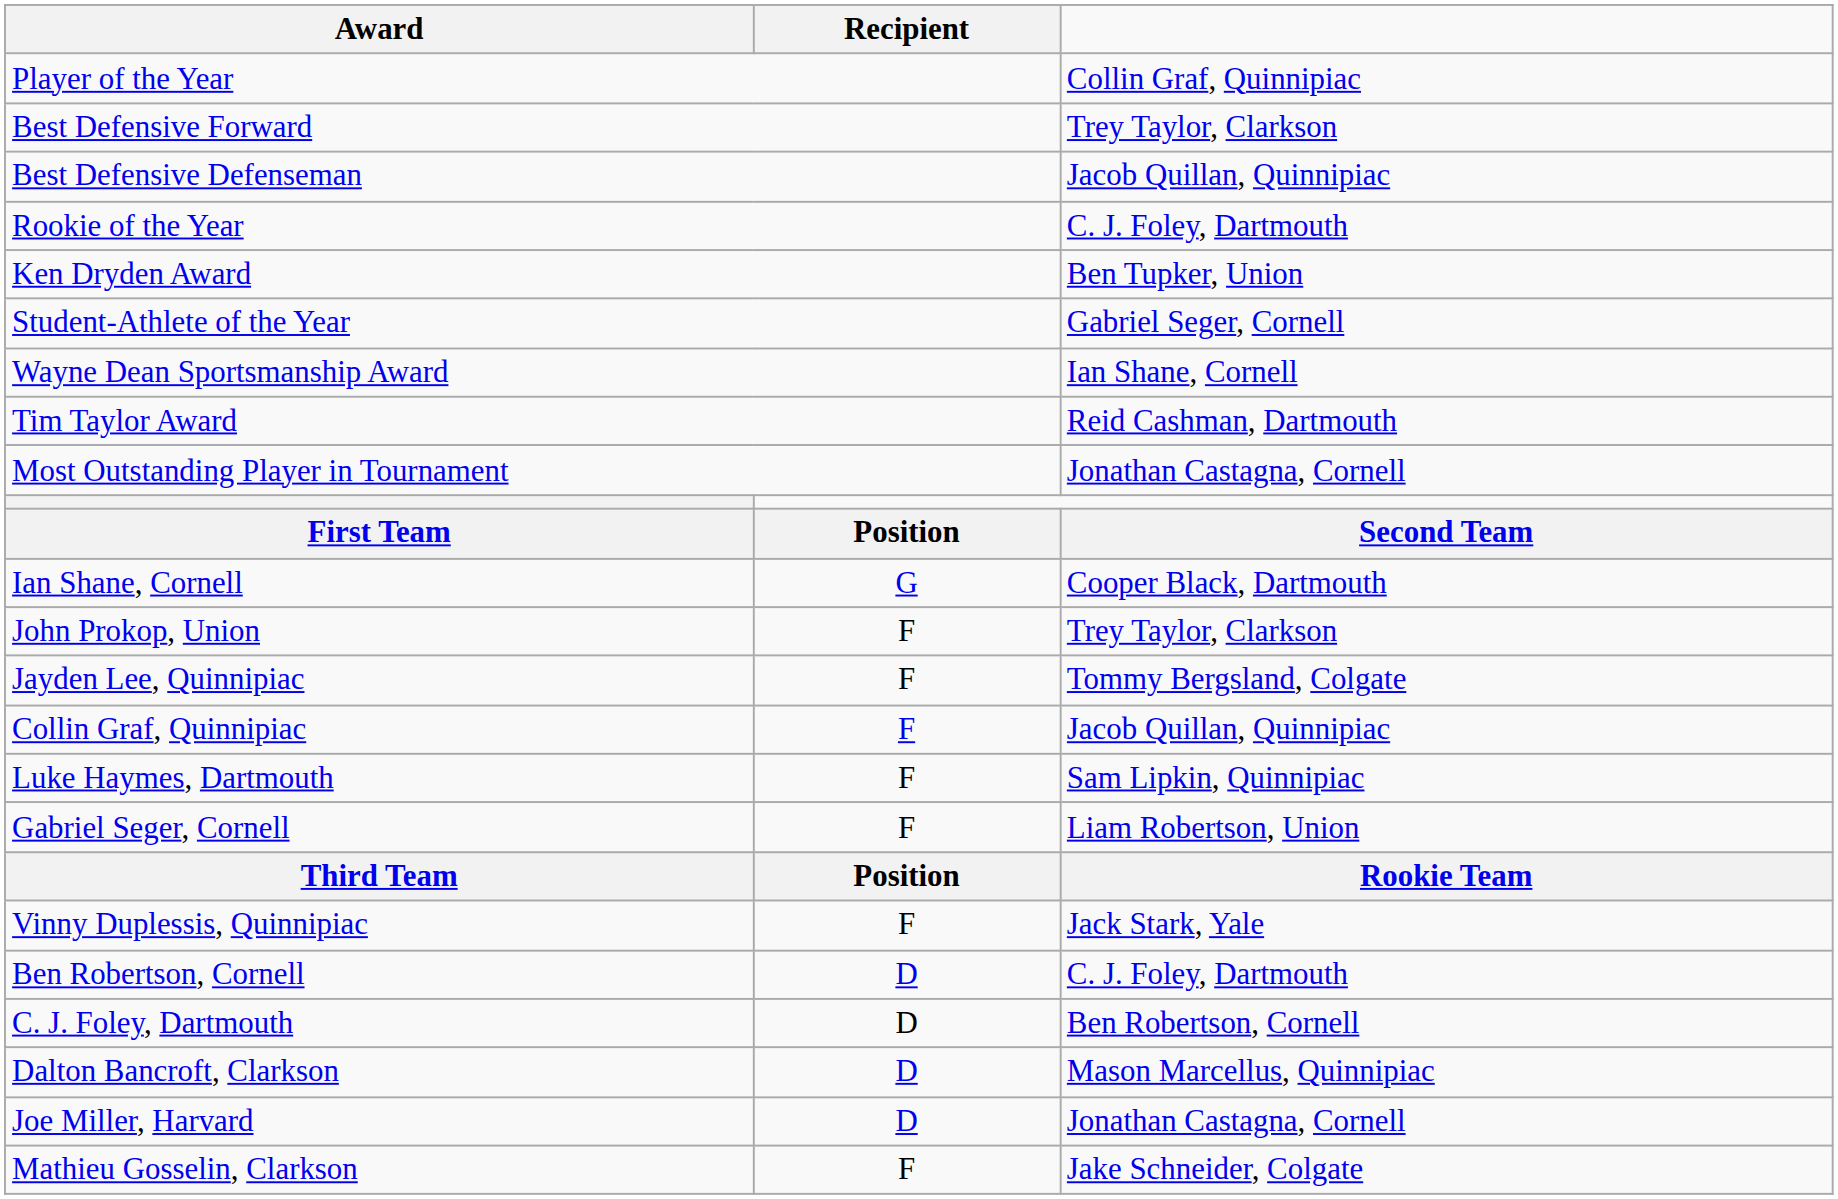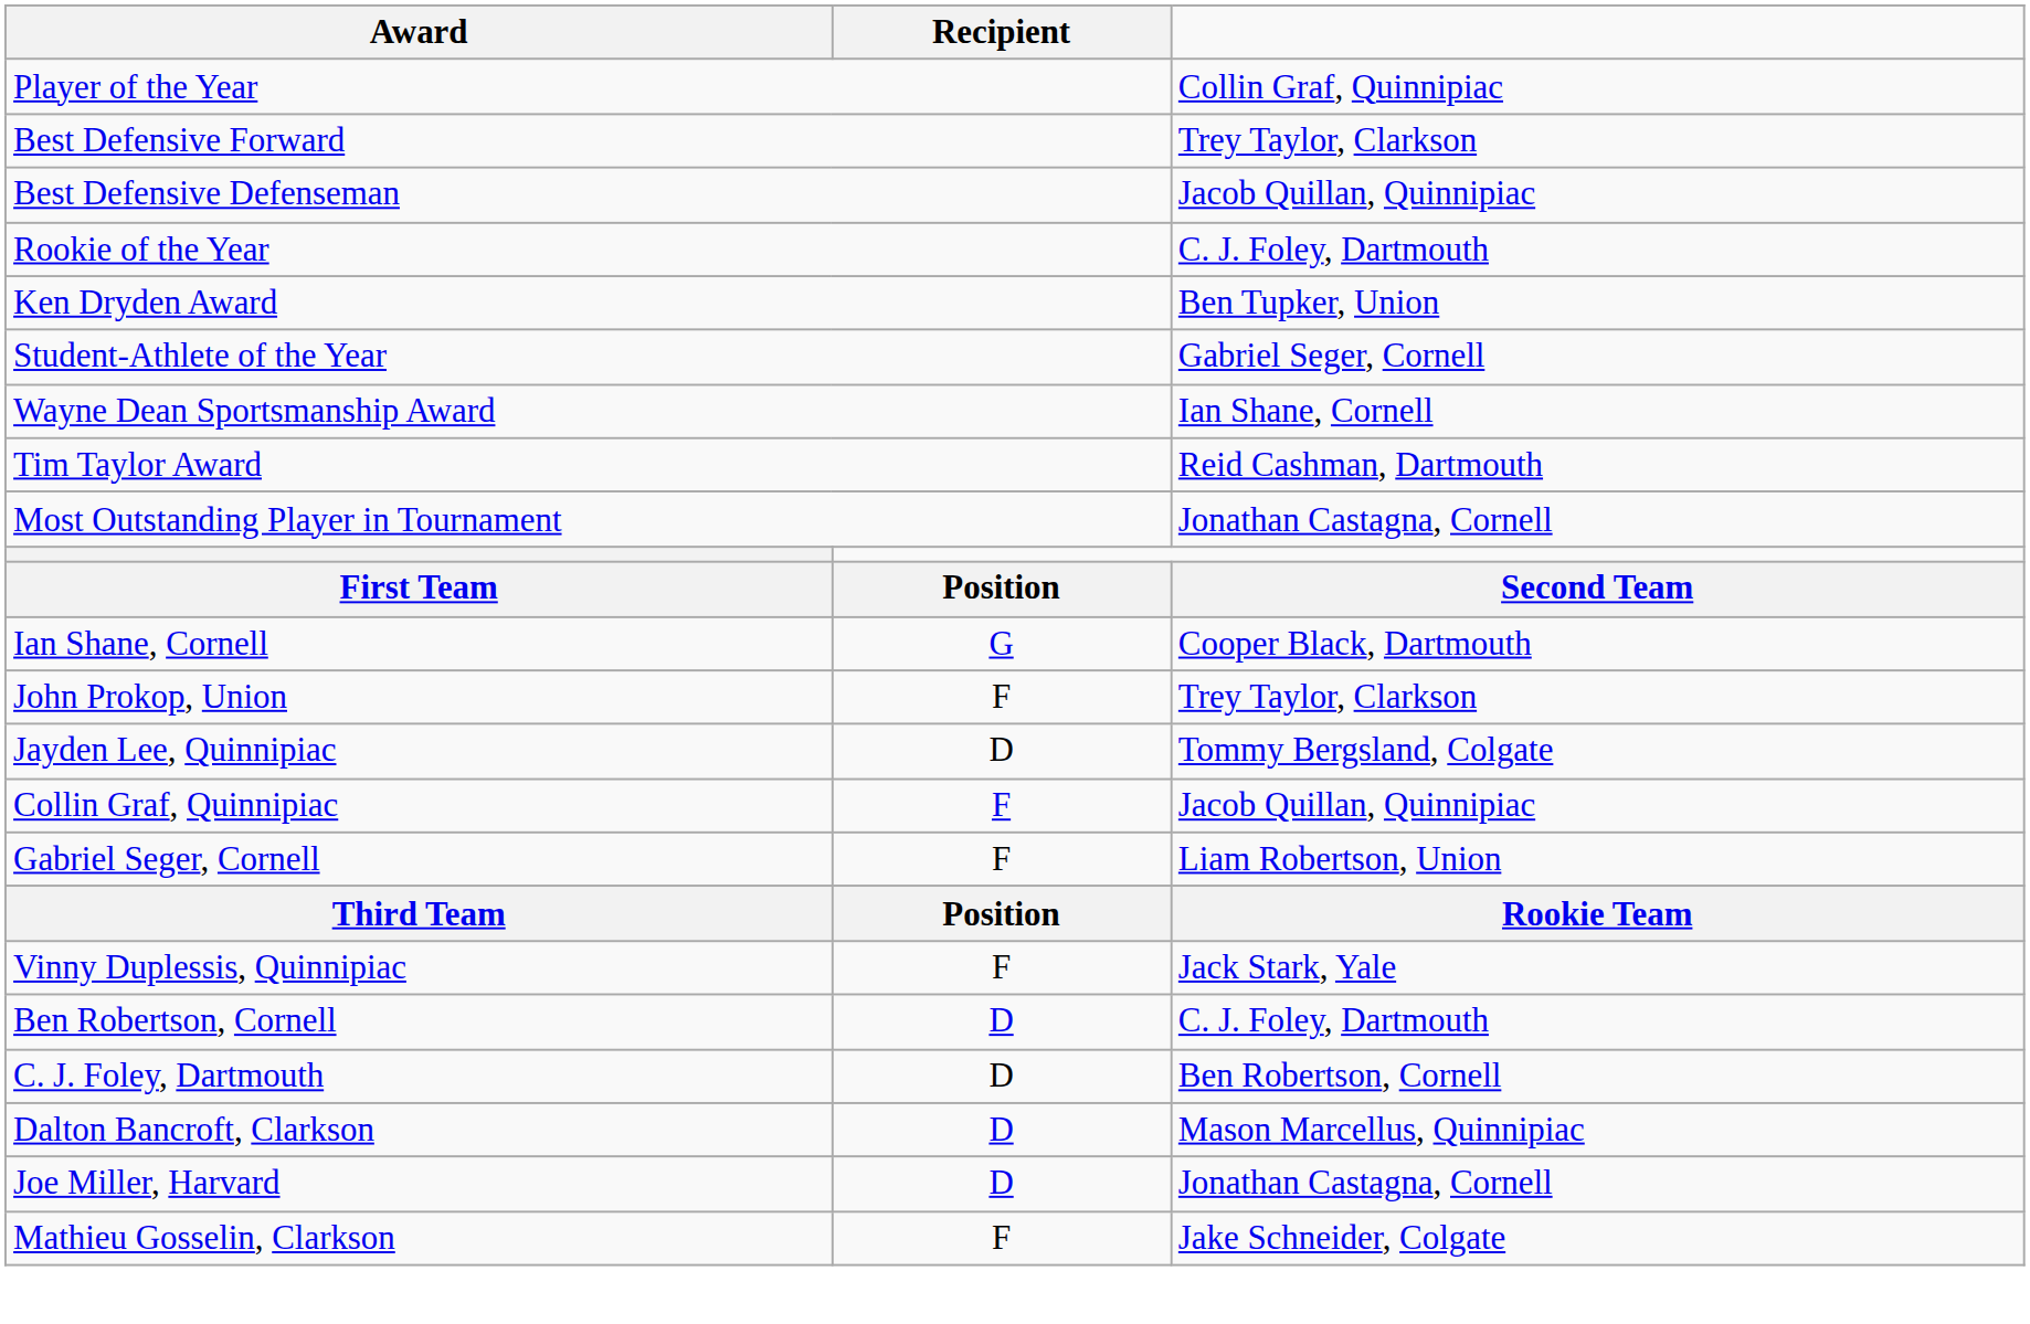 <table class="wikitable" width=75%>
 <tr>
 <th>Award</th>
 <th>Recipient</th>
 </tr>
 <tr>
 <td colspan=2><a href='#'>Player of the Year</a></td>
 <td><a href='#'>Collin Graf</a>, <a href='#'>Quinnipiac</a></td>
 </tr>
 <tr>
 <td colspan=2><a href='#'>Best Defensive Forward</a></td>
 <td><a href='#'>Trey Taylor</a>, <a href='#'>Clarkson</a></td>
 </tr>
 <tr>
 <td colspan=2><a href='#'>Best Defensive Defenseman</a></td>
 <td><a href='#'>Jacob Quillan</a>, <a href='#'>Quinnipiac</a></td>
 </tr>
 <tr>
 <td colspan=2><a href='#'>Rookie of the Year</a></td>
 <td><a href='#'>C. J. Foley</a>, <a href='#'>Dartmouth</a></td>
 </tr>
 <tr>
 <td colspan=2><a href='#'>Ken Dryden Award</a></td>
 <td><a href='#'>Ben Tupker</a>, <a href='#'>Union</a></td>
 </tr>
 <tr>
 <td colspan=2><a href='#'>Student-Athlete of the Year</a></td>
 <td><a href='#'>Gabriel Seger</a>, <a href='#'>Cornell</a></td>
 </tr>
 <tr>
 <td colspan=2><a href='#'>Wayne Dean Sportsmanship Award</a></td>
 <td><a href='#'>Ian Shane</a>, <a href='#'>Cornell</a></td>
 </tr>
 <tr>
 <td colspan=2><a href='#'>Tim Taylor Award</a></td>
 <td><a href='#'>Reid Cashman</a>, <a href='#'>Dartmouth</a></td>
 </tr>
 <tr>
 <td colspan=2><a href='#'>Most Outstanding Player in Tournament</a></td>
 <td><a href='#'>Jonathan Castagna</a>, <a href='#'>Cornell</a></td>
 </tr>
 <tr>
 <th><a href='#'></a></th>
 </tr>
 <tr>
 <th><a href='#'>First Team</a></th>
 <th>  Position  </th>
 <th><a href='#'>Second Team</a></th>
 </tr>
 <tr>
 <td><a href='#'>Ian Shane</a>, <a href='#'>Cornell</a></td>
 <td align=center><a href='#'>G</a></td>
 <td><a href='#'>Cooper Black</a>, <a href='#'>Dartmouth</a></td>
 </tr>
 <tr>
 <td><a href='#'>John Prokop</a>, <a href='#'>Union</a></td>
 <td align=center>F</td>
 <td><a href='#'>Trey Taylor</a>, <a href='#'>Clarkson</a></td>
 </tr>
 <tr>
 <td><a href='#'>Jayden Lee</a>, <a href='#'>Quinnipiac</a></td>
-<td align=center>F</td>
+<td align=center>D</td>
 <td><a href='#'>Tommy Bergsland</a>, <a href='#'>Colgate</a></td>
 </tr>
 <tr>
 <td><a href='#'>Collin Graf</a>, <a href='#'>Quinnipiac</a></td>
 <td align=center><a href='#'>F</a></td>
 <td><a href='#'>Jacob Quillan</a>, <a href='#'>Quinnipiac</a></td>
-</tr>
-<tr>
-<td><a href='#'>Luke Haymes</a>, <a href='#'>Dartmouth</a></td>
-<td align=center>F</td>
-<td><a href='#'>Sam Lipkin</a>, <a href='#'>Quinnipiac</a></td>
 </tr>
 <tr>
 <td><a href='#'>Gabriel Seger</a>, <a href='#'>Cornell</a></td>
 <td align=center>F</td>
 <td><a href='#'>Liam Robertson</a>, <a href='#'>Union</a></td>
 </tr>
 <tr>
 <th><a href='#'>Third Team</a></th>
 <th>  Position  </th>
 <th><a href='#'>Rookie Team</a></th>
 </tr>
 <tr>
 <td><a href='#'>Vinny Duplessis</a>, <a href='#'>Quinnipiac</a></td>
 <td align=center>F</td>
 <td><a href='#'>Jack Stark</a>, <a href='#'>Yale</a></td>
 </tr>
 <tr>
 <td><a href='#'>Ben Robertson</a>, <a href='#'>Cornell</a></td>
 <td align=center><a href='#'>D</a></td>
 <td><a href='#'>C. J. Foley</a>, <a href='#'>Dartmouth</a></td>
 </tr>
 <tr>
 <td><a href='#'>C. J. Foley</a>, <a href='#'>Dartmouth</a></td>
 <td align=center>D</td>
 <td><a href='#'>Ben Robertson</a>, <a href='#'>Cornell</a></td>
 </tr>
 <tr>
 <td><a href='#'>Dalton Bancroft</a>, <a href='#'>Clarkson</a></td>
 <td align=center><a href='#'>D</a></td>
 <td><a href='#'>Mason Marcellus</a>, <a href='#'>Quinnipiac</a></td>
 </tr>
 <tr>
 <td><a href='#'>Joe Miller</a>, <a href='#'>Harvard</a></td>
 <td align=center><a href='#'>D</a></td>
 <td><a href='#'>Jonathan Castagna</a>, <a href='#'>Cornell</a></td>
 </tr>
 <tr>
 <td><a href='#'>Mathieu Gosselin</a>, <a href='#'>Clarkson</a></td>
 <td align=center>F</td>
 <td><a href='#'>Jake Schneider</a>, <a href='#'>Colgate</a></td>
 </tr>
 </table>
